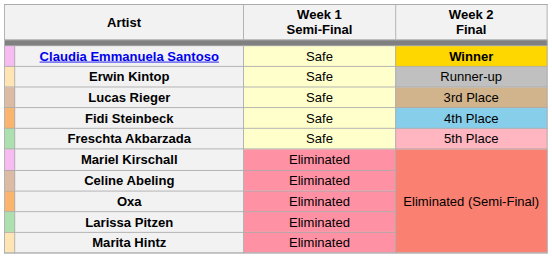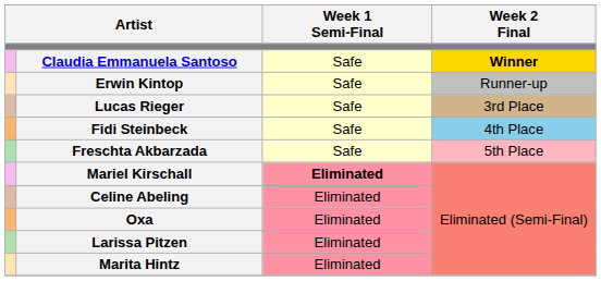 <table class="wikitable"  style="text-align:center; font-size:95%; width:50%;">
 <tr>
 </tr>
 <tr>
 <th style="width:18%" colspan="2" scope="col">Artist</th>
 <th style="width:11%" colspan="1" scope="col">Week 1<br>Semi-Final</th>
 <th style="width:11%" colspan="1" scope="col">Week 2<br>Final</th>
 </tr>
 <tr>
 <th colspan="10" style="background:grey;"></th>
 </tr>
 <tr>
 <th style="background:#f7bbf2"></th>
 <th><a href='#'>Claudia Emmanuela Santoso</a></th>
 <td style="background:#FFFFCC;">Safe</td>
 <td style="background:gold;"><strong>Winner</strong></td>
 </tr>
 <tr>
 <th style="background:#ffe5b4;"></th>
 <th>Erwin Kintop</th>
 <td style="background:#FFFFCC;">Safe</td>
 <td style="background:silver;">Runner-up</td>
 </tr>
 <tr>
 <th style="background:#dbbba4;"></th>
 <th>Lucas Rieger</th>
 <td style="background:#FFFFCC;">Safe</td>
 <td style="background:tan;">3rd Place</td>
 </tr>
 <tr>
 <th style="background:#fbb46e;"></th>
 <th>Fidi Steinbeck</th>
 <td style="background:#FFFFCC;">Safe</td>
 <td style="background:skyblue;">4th Place</td>
 </tr>
 <tr>
 <th style="background:#ace1af;"></th>
 <th>Freschta Akbarzada</th>
 <td style="background:#FFFFCC;">Safe</td>
 <td style="background:lightpink;">5th Place</td>
 </tr>
 <tr>
 <th style="background:#f7bbf2"></th>
 <th>Mariel Kirschall</th>
-<td style="background:#FF91A4;">Eliminated</td>
+<td style="background:#FF91A4;"><strong>Eliminated</strong></td>
 <td rowspan="5" colspan="2" style="background:salmon;">Eliminated (Semi-Final)</td>
 </tr>
 <tr>
 <th style="background:#dbbba4;"></th>
 <th>Celine Abeling</th>
 <td style="background:#FF91A4;">Eliminated</td>
 </tr>
 <tr>
 <th style="background:#fbb46e;"></th>
 <th>Oxa</th>
 <td style="background:#FF91A4;">Eliminated</td>
 </tr>
 <tr>
 <th style="background:#ace1af;"></th>
 <th>Larissa Pitzen</th>
 <td style="background:#FF91A4;">Eliminated</td>
 </tr>
 <tr>
 <th style="background:#ffe5b4;"></th>
 <th>Marita Hintz</th>
 <td style="background:#FF91A4;">Eliminated</td>
 </tr>
 <tr>
 </tr>
 </table>
